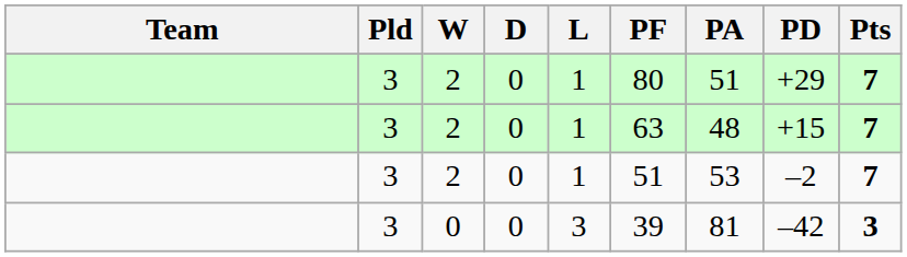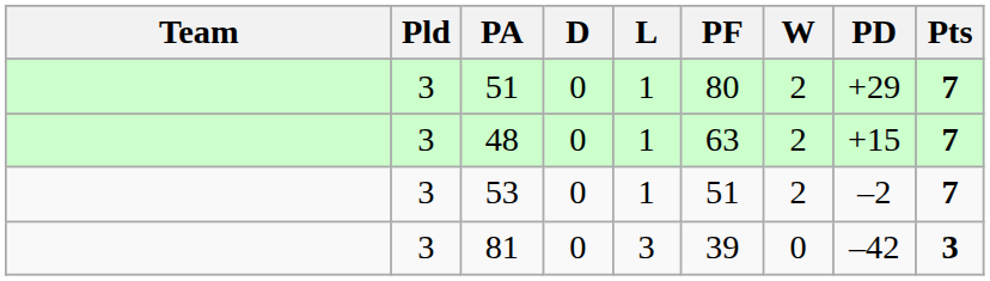 <table class="wikitable" style="text-align:center;">
 <tr>
 <th width=175>Team</th>
 <th width=25 abbr="Played">Pld</th>
-<th width=25 abbr="Won">W</th>
+<th width=32 abbr="Points against">PA</th>
 <th width=25 abbr="Drawn">D</th>
 <th width=25 abbr="Lost">L</th>
 <th width=32 abbr="Points for">PF</th>
-<th width=32 abbr="Points against">PA</th>
+<th width=25 abbr="Won">W</th>
 <th width=32 abbr="Points difference">PD</th>
 <th width=25 abbr="Points">Pts</th>
 </tr>
 <tr bgcolor=ccffcc>
 <td align=left></td>
 <td>3</td>
-<td>2</td>
+<td>51</td>
 <td>0</td>
 <td>1</td>
 <td>80</td>
-<td>51</td>
+<td>2</td>
 <td>+29</td>
 <td><strong>7</strong></td>
 </tr>
 <tr bgcolor=ccffcc>
 <td align=left></td>
 <td>3</td>
-<td>2</td>
+<td>48</td>
 <td>0</td>
 <td>1</td>
 <td>63</td>
-<td>48</td>
+<td>2</td>
 <td>+15</td>
 <td><strong>7</strong></td>
 </tr>
 <tr>
 <td align=left></td>
 <td>3</td>
-<td>2</td>
+<td>53</td>
 <td>0</td>
 <td>1</td>
 <td>51</td>
-<td>53</td>
+<td>2</td>
 <td>–2</td>
 <td><strong>7</strong></td>
 </tr>
 <tr>
 <td align=left></td>
 <td>3</td>
-<td>0</td>
+<td>81</td>
 <td>0</td>
 <td>3</td>
 <td>39</td>
-<td>81</td>
+<td>0</td>
 <td>–42</td>
 <td><strong>3</strong></td>
 </tr>
 </table>
